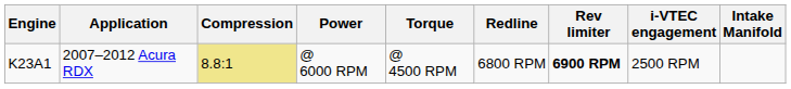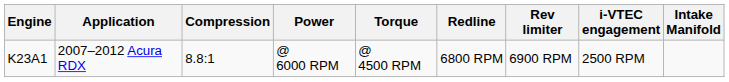 <table class="wikitable">
 <tr>
 <th>Engine</th>
 <th>Application</th>
 <th>Compression</th>
 <th>Power</th>
 <th>Torque</th>
 <th>Redline</th>
 <th>Rev limiter</th>
 <th>i-VTEC<br>engagement</th>
 <th>Intake<br>Manifold</th>
 </tr>
 <tr>
 <td rowspan="2">K23A1</td>
 <td>2007–2012 <a href='#'>Acura RDX</a></td>
-<td style="background: khaki;">8.8:1</td>
+<td>8.8:1</td>
 <td> @ 6000 RPM</td>
 <td> @ 4500 RPM</td>
 <td>6800 RPM</td>
-<td><strong>6900 RPM</strong></td>
+<td>6900 RPM</td>
 <td>2500 RPM</td>
 <td></td>
 </tr>
 </table>
